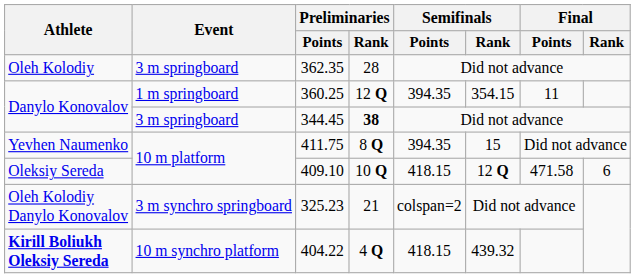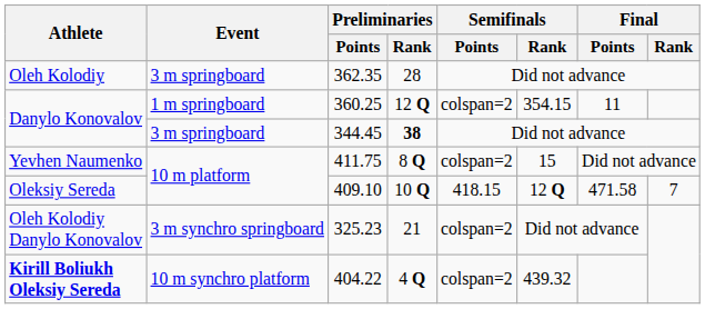 <table class="wikitable" style="text-align:center; font-size:90%;">
 <tr>
 <th rowspan=2>Athlete</th>
 <th rowspan=2>Event</th>
 <th colspan=2>Preliminaries</th>
 <th colspan=2>Semifinals</th>
 <th colspan=2>Final</th>
 </tr>
 <tr style="font-size:95%">
 <th>Points</th>
 <th>Rank</th>
 <th>Points</th>
 <th>Rank</th>
 <th>Points</th>
 <th>Rank</th>
 </tr>
 <tr>
 <td align=left><a href='#'>Oleh Kolodiy</a></td>
 <td align=left><a href='#'>3 m springboard</a></td>
 <td>362.35</td>
 <td>28</td>
 <td colspan=4>Did not advance</td>
 </tr>
 <tr>
 <td align=left rowspan=2><a href='#'>Danylo Konovalov</a></td>
 <td align=left><a href='#'>1 m springboard</a></td>
 <td>360.25</td>
 <td>12 <strong>Q</strong></td>
-<td>394.35</td>
+<td>colspan=2 </td>
 <td>354.15</td>
 <td>11</td>
 </tr>
 <tr>
 <td align=left><a href='#'>3 m springboard</a></td>
 <td>344.45</td>
 <td><strong>38</strong></td>
 <td colspan=4>Did not advance</td>
 </tr>
 <tr>
 <td align=left><a href='#'>Yevhen Naumenko</a></td>
 <td align=left rowspan=2><a href='#'>10 m platform</a></td>
 <td>411.75</td>
 <td>8 <strong>Q</strong></td>
-<td>394.35</td>
+<td>colspan=2 </td>
 <td>15</td>
 <td colspan=2>Did not advance</td>
 </tr>
 <tr>
 <td align=left><a href='#'>Oleksiy Sereda</a></td>
 <td>409.10</td>
 <td>10 <strong>Q</strong></td>
 <td>418.15</td>
 <td>12 <strong>Q</strong></td>
 <td>471.58</td>
-<td>6</td>
+<td>7</td>
 </tr>
 <tr>
 <td align=left><a href='#'>Oleh Kolodiy</a><br> <a href='#'>Danylo Konovalov</a></td>
 <td align=left><a href='#'>3 m synchro springboard</a></td>
 <td>325.23</td>
 <td>21</td>
 <td>colspan=2 </td>
 <td colspan=2>Did not advance</td>
 </tr>
 <tr>
 <td align=left><strong><a href='#'>Kirill Boliukh</a><br> <a href='#'>Oleksiy Sereda</a></strong></td>
 <td align=left><a href='#'>10 m synchro platform</a></td>
 <td>404.22</td>
 <td>4 <strong>Q</strong></td>
-<td>418.15</td>
+<td>colspan=2 </td>
 <td>439.32</td>
 <td></td>
 </tr>
 </table>
